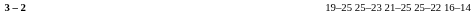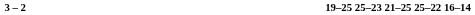 <table width=100% cellspacing=1>
 <tr>
 <th width=20%></th>
 <th width=12%></th>
 <th width=20%></th>
 <th width=33%></th>
 <td></td>
 </tr>
 <tr style=font-size:90%>
 <td align=right><strong></strong></td>
 <td align=center><strong>3 – 2</strong></td>
 <td></td>
-<td>19–25 25–23 21–25 25–22 16–14</td>
+<td><strong>19–25 25–23 21–25 25–22 16–14</strong></td>
 </tr>
 </table>
